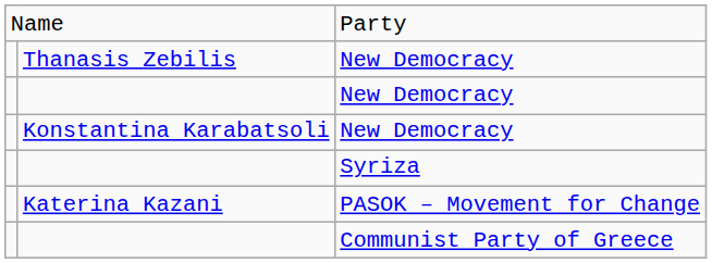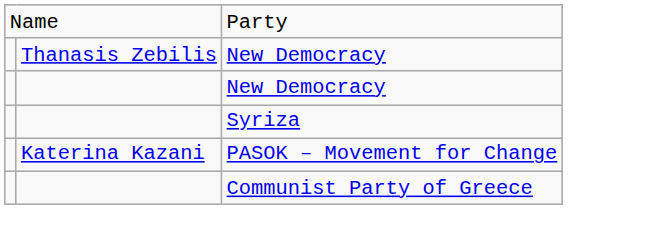 <table class="wikitable">
 <tr>
 <td colspan="2">Name</td>
 <td>Party</td>
 </tr>
 <tr>
 <td width="1" style="color:inherit;background:"></td>
 <td><a href='#'>Thanasis Zebilis</a></td>
 <td><a href='#'>New Democracy</a></td>
 </tr>
 <tr>
 <td width="1" style="color:inherit;background:"></td>
 <td></td>
-<td><a href='#'>New Democracy</a></td>
-</tr>
-<tr>
-<td width="1" style="color:inherit;background:"></td>
-<td><a href='#'>Konstantina Karabatsoli</a></td>
 <td><a href='#'>New Democracy</a></td>
 </tr>
 <tr>
 <td width="1" style="color:inherit;background:"></td>
 <td></td>
 <td><a href='#'>Syriza</a></td>
 </tr>
 <tr>
 <td width="1" style="color:inherit;background:"></td>
 <td><a href='#'>Katerina Kazani</a></td>
 <td><a href='#'>PASOK – Movement for Change</a></td>
 </tr>
 <tr>
 <td width="1" style="color:inherit;background:"></td>
 <td></td>
 <td><a href='#'>Communist Party of Greece</a></td>
 </tr>
 </table>
